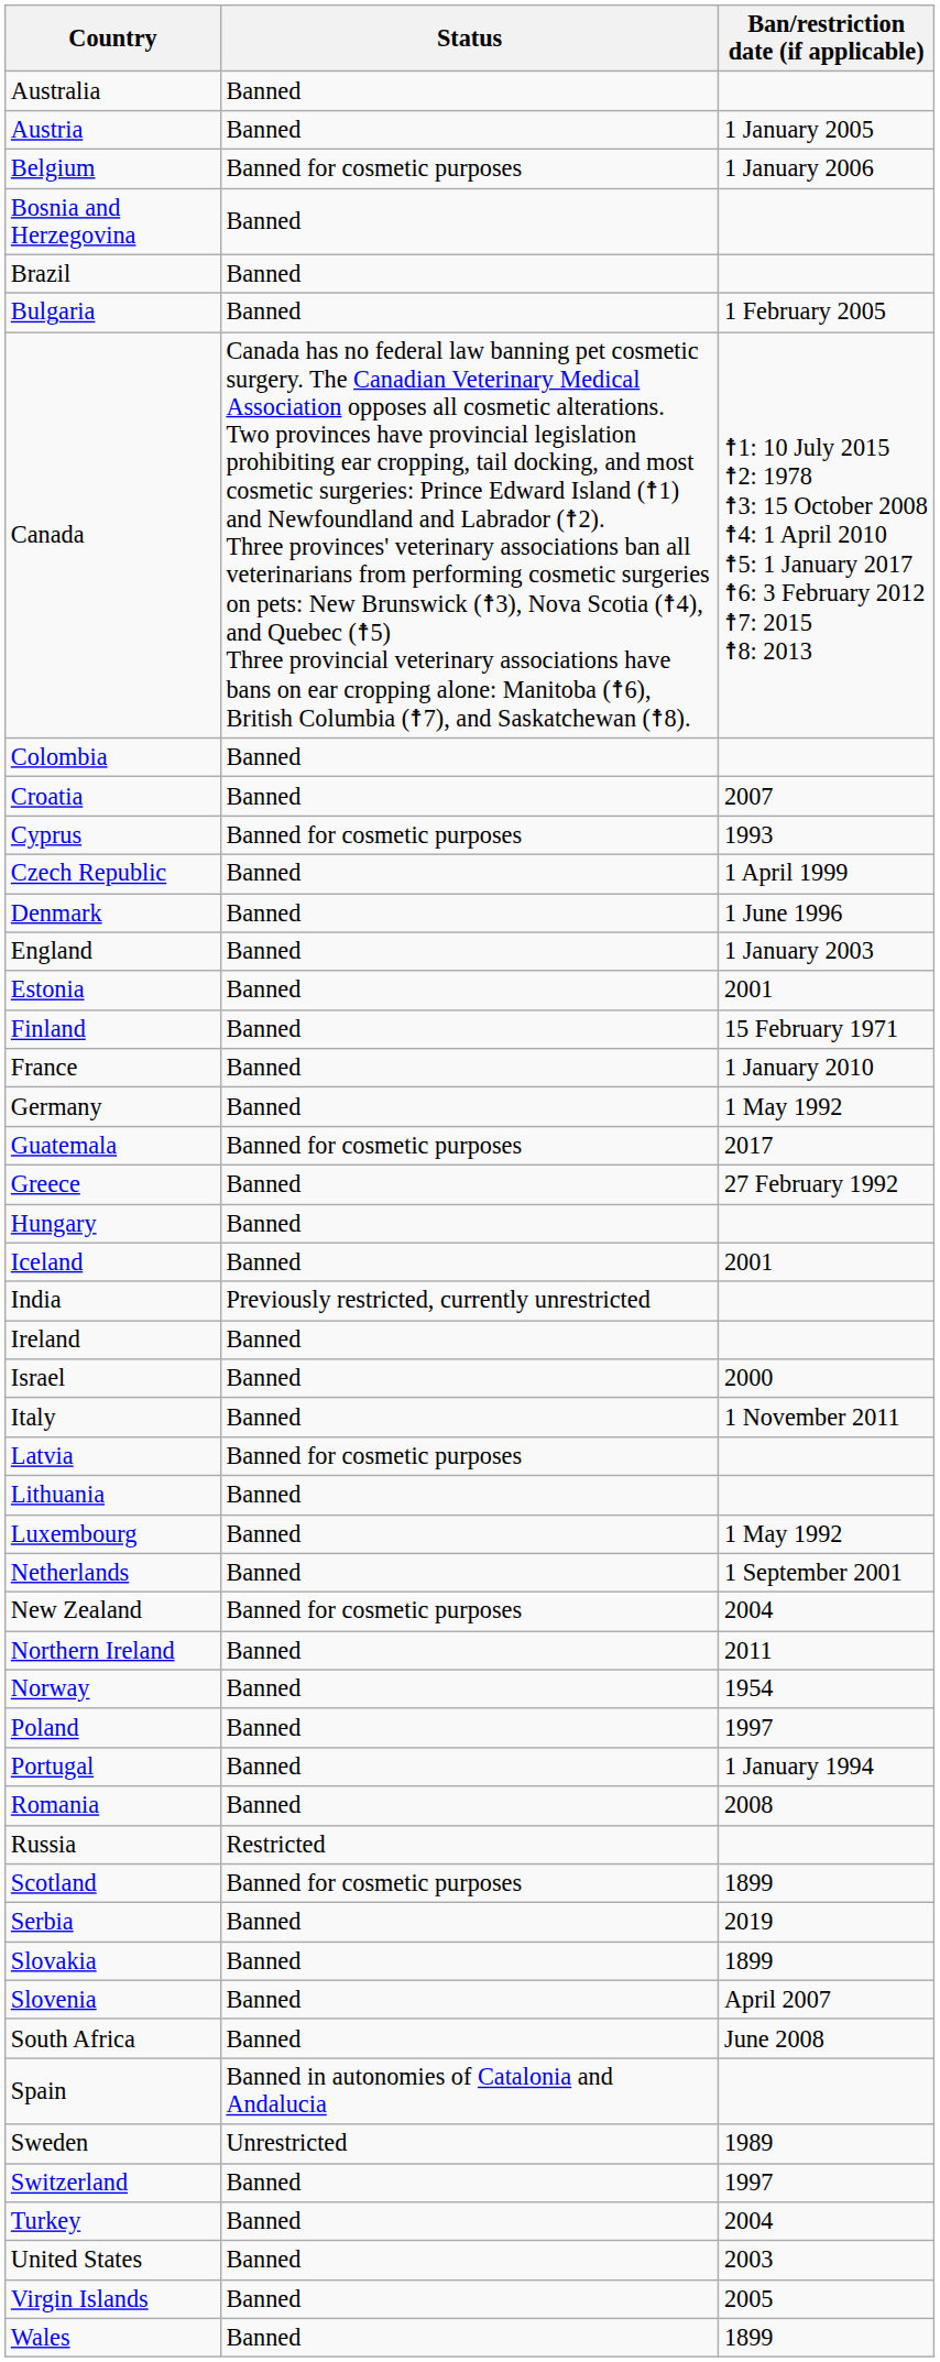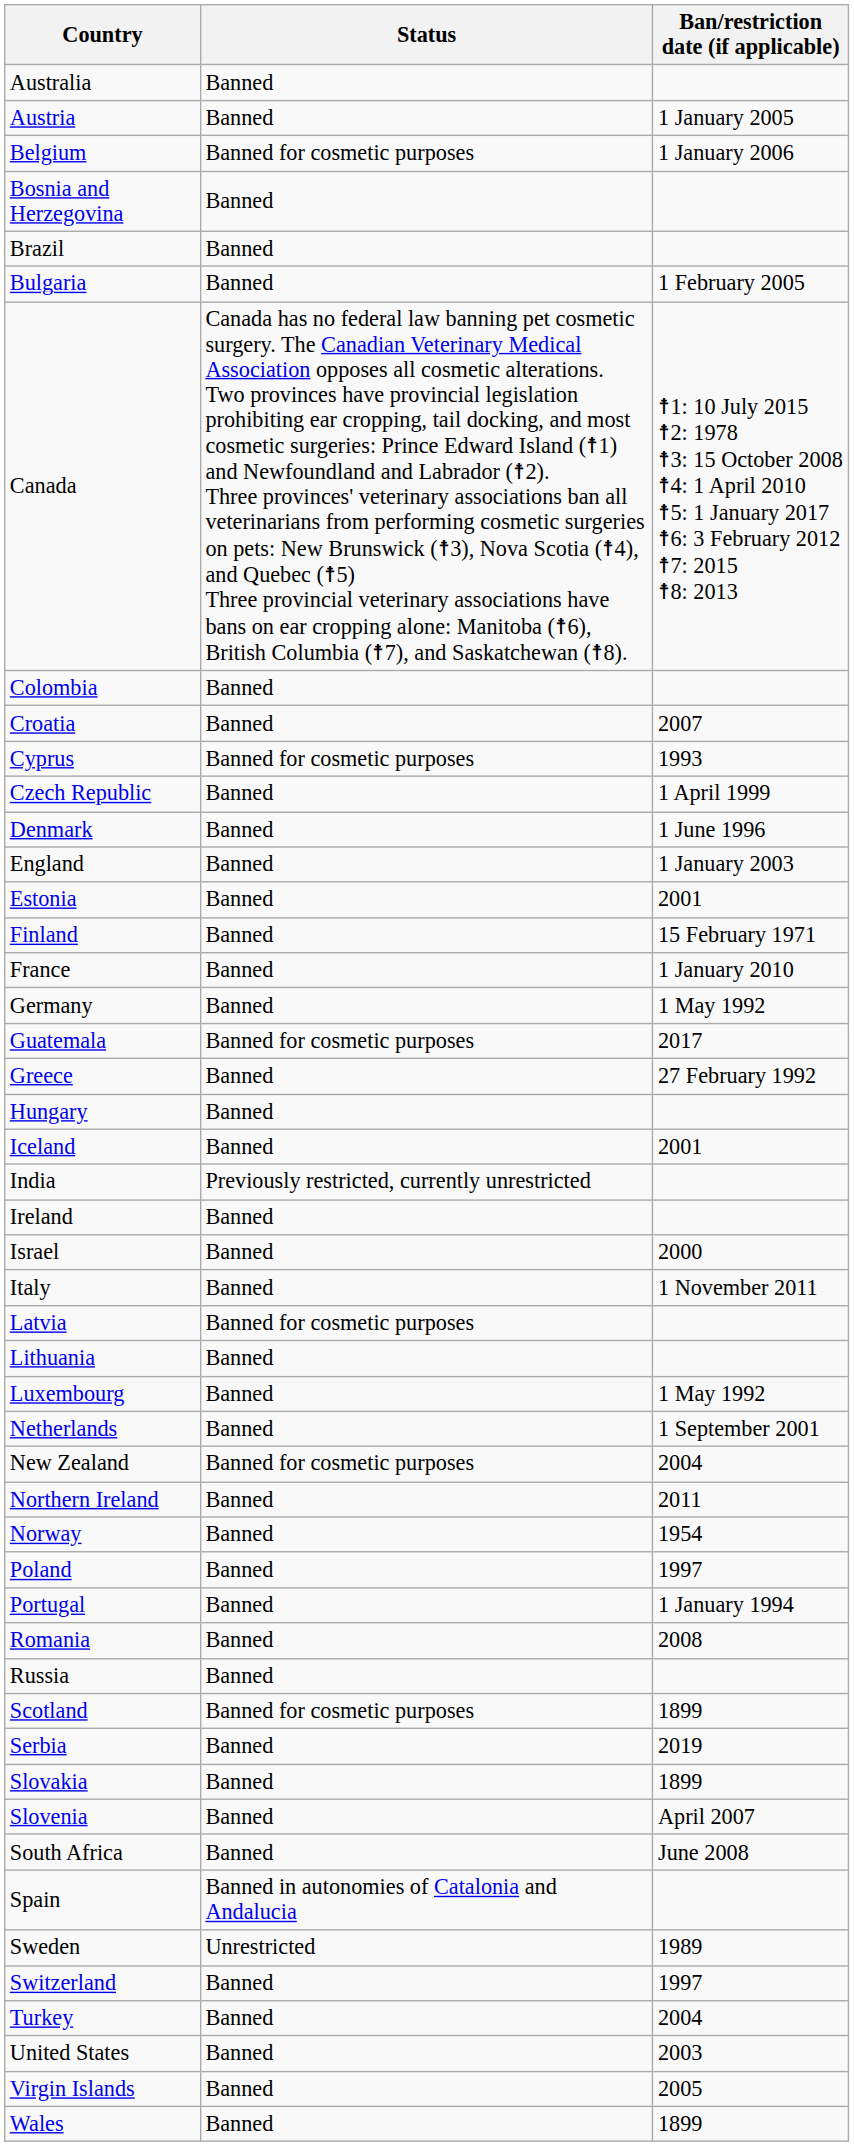 <table class="wikitable sortable">
 <tr>
 <th style="width: 100pt;">Country</th>
 <th>Status</th>
 <th style="width: 100pt;">Ban/restriction date (if applicable)</th>
 </tr>
 <tr>
 <td>Australia</td>
 <td>Banned </td>
 <td></td>
 </tr>
 <tr>
 <td><a href='#'>Austria</a></td>
 <td>Banned</td>
 <td>1 January 2005</td>
 </tr>
 <tr>
 <td><a href='#'>Belgium</a></td>
 <td>Banned for cosmetic purposes</td>
 <td>1 January 2006</td>
 </tr>
 <tr>
 <td><a href='#'>Bosnia and Herzegovina</a></td>
 <td>Banned</td>
 <td></td>
 </tr>
 <tr>
 <td>Brazil</td>
 <td>Banned</td>
 <td></td>
 </tr>
 <tr>
 <td><a href='#'>Bulgaria</a></td>
 <td>Banned</td>
 <td>1 February 2005</td>
 </tr>
 <tr>
 <td>Canada</td>
 <td>Canada has no federal law banning pet cosmetic surgery. The <a href='#'>Canadian Veterinary Medical Association</a> opposes all cosmetic alterations. Two provinces have provincial legislation prohibiting ear cropping, tail docking, and most cosmetic surgeries: Prince Edward Island (☨1) and Newfoundland and Labrador (☨2).<br>Three provinces' veterinary associations ban all veterinarians from performing cosmetic surgeries on pets:  New Brunswick (☨3), Nova Scotia (☨4), and Quebec (☨5)<br>Three provincial veterinary associations have bans on ear cropping alone: Manitoba (☨6), British Columbia (☨7), and Saskatchewan (☨8).</td>
 <td><br>☨1: 10 July 2015<br> ☨2: 1978<br> ☨3: 15 October 2008<br> ☨4: 1 April 2010<br> ☨5: 1 January 2017<br> ☨6: 3 February 2012<br> ☨7: 2015<br> ☨8: 2013</td>
 </tr>
 <tr>
 <td><a href='#'>Colombia</a></td>
 <td>Banned</td>
 </tr>
 <tr>
 <td><a href='#'>Croatia</a></td>
 <td>Banned</td>
 <td>2007</td>
 </tr>
 <tr>
 <td><a href='#'>Cyprus</a></td>
 <td>Banned for cosmetic purposes</td>
 <td>1993</td>
 </tr>
 <tr>
 <td><a href='#'>Czech Republic</a></td>
 <td>Banned</td>
 <td>1 April 1999</td>
 </tr>
 <tr>
 <td><a href='#'>Denmark</a></td>
 <td>Banned</td>
 <td>1 June 1996</td>
 </tr>
 <tr>
 <td>England</td>
 <td>Banned</td>
 <td>1 January 2003</td>
 </tr>
 <tr>
 <td><a href='#'>Estonia</a></td>
 <td>Banned</td>
 <td>2001</td>
 </tr>
 <tr>
 <td><a href='#'>Finland</a></td>
 <td>Banned</td>
 <td>15 February 1971</td>
 </tr>
 <tr>
 <td>France</td>
 <td>Banned</td>
 <td>1 January 2010</td>
 </tr>
 <tr>
 <td>Germany</td>
 <td>Banned</td>
 <td>1 May 1992</td>
 </tr>
 <tr>
 <td><a href='#'>Guatemala</a></td>
 <td>Banned for cosmetic purposes</td>
 <td>2017</td>
 </tr>
 <tr>
 <td><a href='#'>Greece</a></td>
 <td>Banned</td>
 <td>27 February 1992</td>
 </tr>
 <tr>
 <td><a href='#'>Hungary</a></td>
 <td>Banned</td>
 <td></td>
 </tr>
 <tr>
 <td><a href='#'>Iceland</a></td>
 <td>Banned</td>
 <td>2001</td>
 </tr>
 <tr>
 <td>India</td>
 <td>Previously restricted, currently unrestricted </td>
 <td></td>
 </tr>
 <tr>
 <td>Ireland</td>
 <td>Banned</td>
 <td></td>
 </tr>
 <tr>
 <td>Israel</td>
 <td>Banned</td>
 <td>2000</td>
 </tr>
 <tr>
 <td>Italy</td>
 <td>Banned</td>
 <td>1 November 2011</td>
 </tr>
 <tr>
 <td><a href='#'>Latvia</a></td>
 <td>Banned for cosmetic purposes</td>
 <td></td>
 </tr>
 <tr>
 <td><a href='#'>Lithuania</a></td>
 <td>Banned</td>
 <td></td>
 </tr>
 <tr>
 <td><a href='#'>Luxembourg</a></td>
 <td>Banned</td>
 <td>1 May 1992</td>
 </tr>
 <tr>
 <td><a href='#'>Netherlands</a></td>
 <td>Banned</td>
 <td>1 September 2001</td>
 </tr>
 <tr>
 <td>New Zealand</td>
 <td>Banned for cosmetic purposes</td>
 <td>2004</td>
 </tr>
 <tr>
 <td><a href='#'>Northern Ireland</a></td>
 <td>Banned</td>
 <td>2011</td>
 </tr>
 <tr>
 <td><a href='#'>Norway</a></td>
 <td>Banned</td>
 <td>1954</td>
 </tr>
 <tr>
 <td><a href='#'>Poland</a></td>
 <td>Banned</td>
 <td>1997</td>
 </tr>
 <tr>
 <td><a href='#'>Portugal</a></td>
 <td>Banned</td>
 <td>1 January 1994</td>
 </tr>
 <tr>
 <td><a href='#'>Romania</a></td>
 <td>Banned</td>
 <td>2008</td>
 </tr>
 <tr>
 <td>Russia</td>
-<td>Restricted</td>
+<td>Banned</td>
 <td></td>
 </tr>
 <tr>
 <td><a href='#'>Scotland</a></td>
 <td>Banned for cosmetic purposes</td>
 <td>1899</td>
 </tr>
 <tr>
 <td><a href='#'>Serbia</a></td>
 <td>Banned</td>
 <td>2019</td>
 </tr>
 <tr>
 <td><a href='#'>Slovakia</a></td>
 <td>Banned</td>
 <td>1899</td>
 </tr>
 <tr>
 <td><a href='#'>Slovenia</a></td>
 <td>Banned</td>
 <td>April 2007</td>
 </tr>
 <tr>
 <td>South Africa</td>
 <td>Banned</td>
 <td>June 2008</td>
 </tr>
 <tr>
 <td>Spain</td>
 <td>Banned in autonomies of <a href='#'>Catalonia</a> and <a href='#'>Andalucia</a></td>
 <td></td>
 </tr>
 <tr>
 <td>Sweden</td>
 <td>Unrestricted</td>
 <td>1989</td>
 </tr>
 <tr>
 <td><a href='#'>Switzerland</a></td>
 <td>Banned</td>
 <td>1997</td>
 </tr>
 <tr>
 <td><a href='#'>Turkey</a></td>
 <td>Banned</td>
 <td>2004</td>
 </tr>
 <tr>
 <td>United States</td>
 <td>Banned</td>
 <td>2003</td>
 </tr>
 <tr>
 <td><a href='#'>Virgin Islands</a></td>
 <td>Banned</td>
 <td>2005</td>
 </tr>
 <tr>
 <td><a href='#'>Wales</a></td>
 <td>Banned</td>
 <td>1899</td>
 </tr>
 </table>
